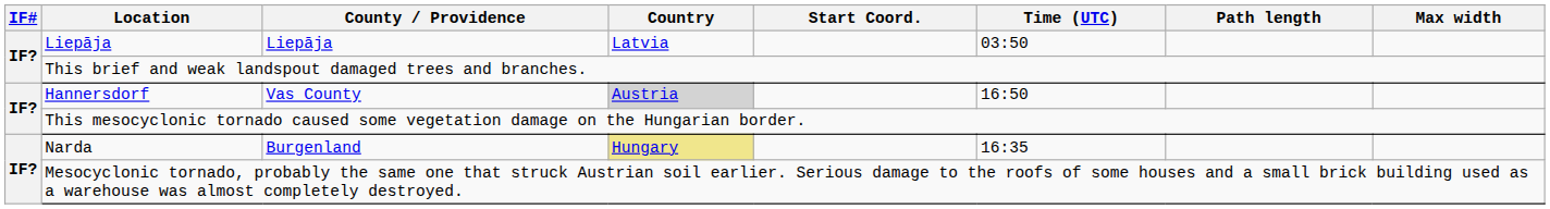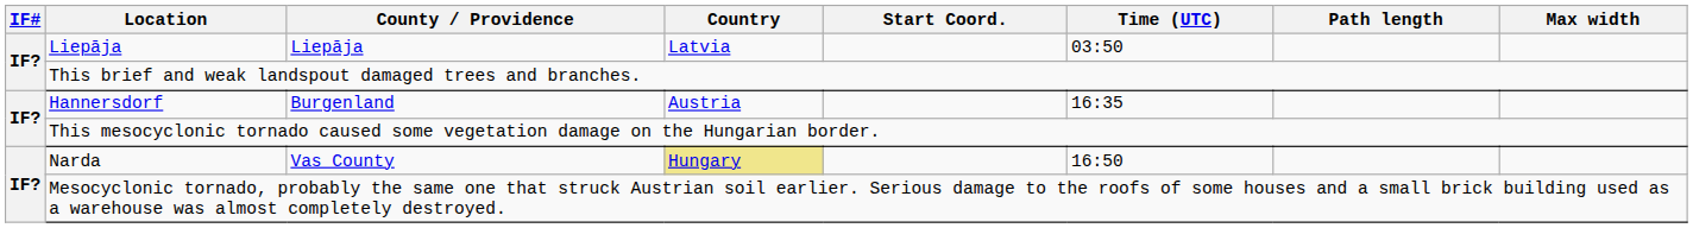 <table class="wikitable sortable" style="width:100%;">
 <tr>
 <th scope="col" width="2%" align="center"><a href='#'>IF#</a></th>
 <th scope="col" align="center" class="unsortable">Location</th>
 <th scope="col" align="center" class="unsortable">County / Providence</th>
 <th scope="col" align="center">Country</th>
 <th scope="col" align="center">Start Coord.</th>
 <th scope="col" align="center">Time (<a href='#'>UTC</a>)</th>
 <th scope="col" align="center">Path length</th>
 <th scope="col" align="center">Max width</th>
 </tr>
 <tr>
 <th scope="row" rowspan="2" style="background-color:#">IF?</th>
 <td><a href='#'>Liepāja</a></td>
 <td><a href='#'>Liepāja</a></td>
 <td><a href='#'>Latvia</a></td>
 <td></td>
 <td>03:50</td>
 <td></td>
 <td></td>
 </tr>
 <tr class="expand-child">
 <td colspan="8" style=" border-bottom: 1px solid black ">This brief and weak landspout damaged trees and branches.</td>
 </tr>
 <tr>
 <th scope="row" rowspan="2" style="background-color:#">IF?</th>
 <td><a href='#'>Hannersdorf</a></td>
-<td><a href='#'>Vas County</a></td>
-<td style="background: lightgrey;"><a href='#'>Austria</a></td>
+<td><a href='#'>Burgenland</a></td>
+<td><a href='#'>Austria</a></td>
 <td></td>
-<td>16:50</td>
+<td>16:35</td>
 <td></td>
 <td></td>
 </tr>
 <tr class="expand-child">
 <td colspan="8" style=" border-bottom: 1px solid black ">This mesocyclonic tornado caused some vegetation damage on the Hungarian border.</td>
 </tr>
 <tr>
 <th scope="row" rowspan="2" style="background-color:#">IF?</th>
 <td>Narda</td>
-<td><a href='#'>Burgenland</a></td>
+<td><a href='#'>Vas County</a></td>
 <td style="background: khaki;"><a href='#'>Hungary</a></td>
 <td></td>
-<td>16:35</td>
+<td>16:50</td>
 <td></td>
 <td></td>
 </tr>
 <tr class="expand-child">
 <td colspan="8" style=" border-bottom: 1px solid black ">Mesocyclonic tornado, probably the same one that struck Austrian soil earlier. Serious damage to the roofs of some houses and a small brick building used as a warehouse was almost completely destroyed.</td>
 </tr>
 </table>
